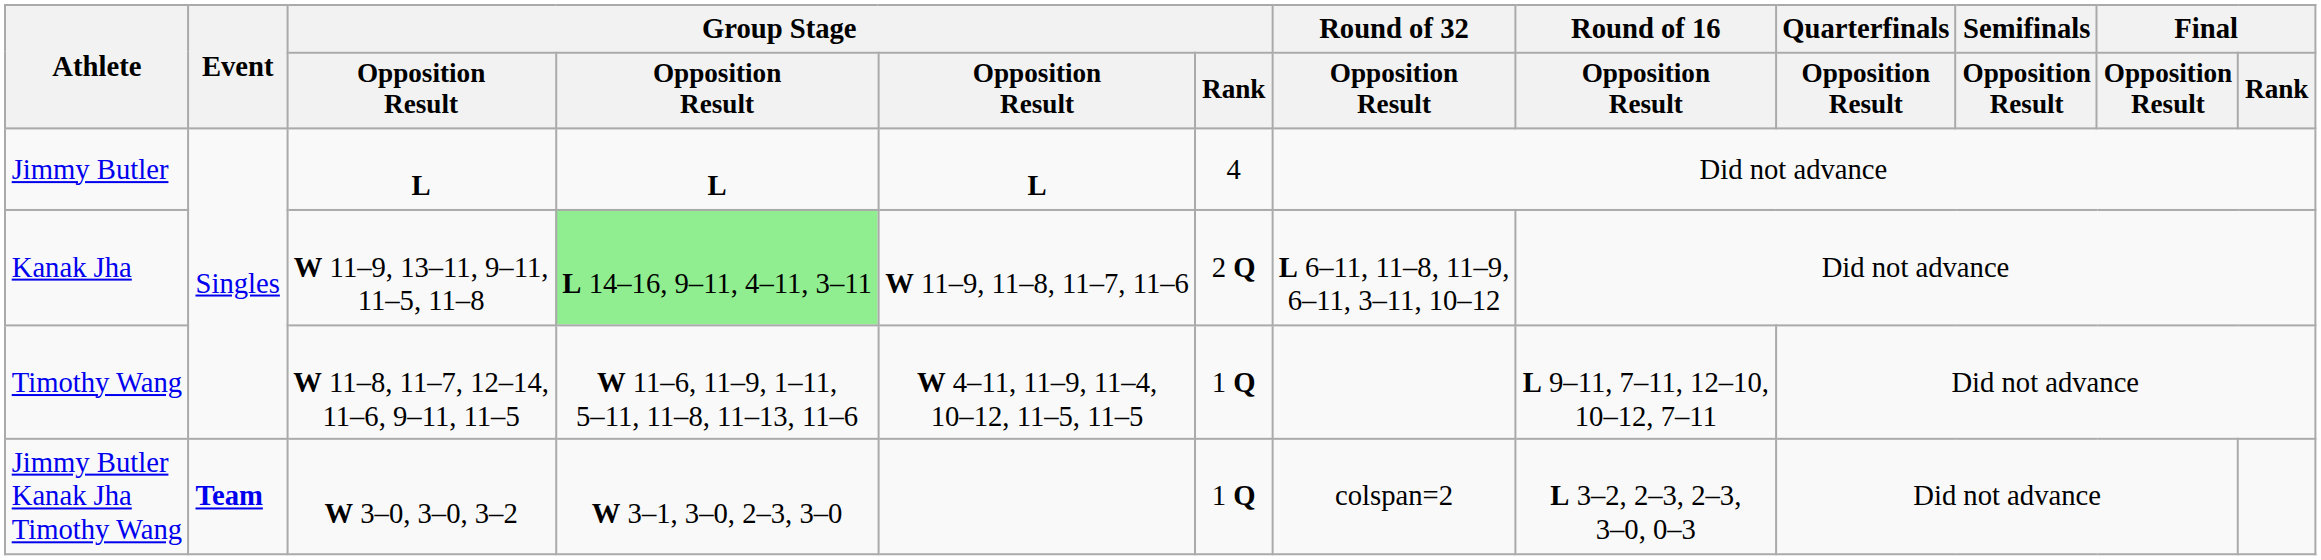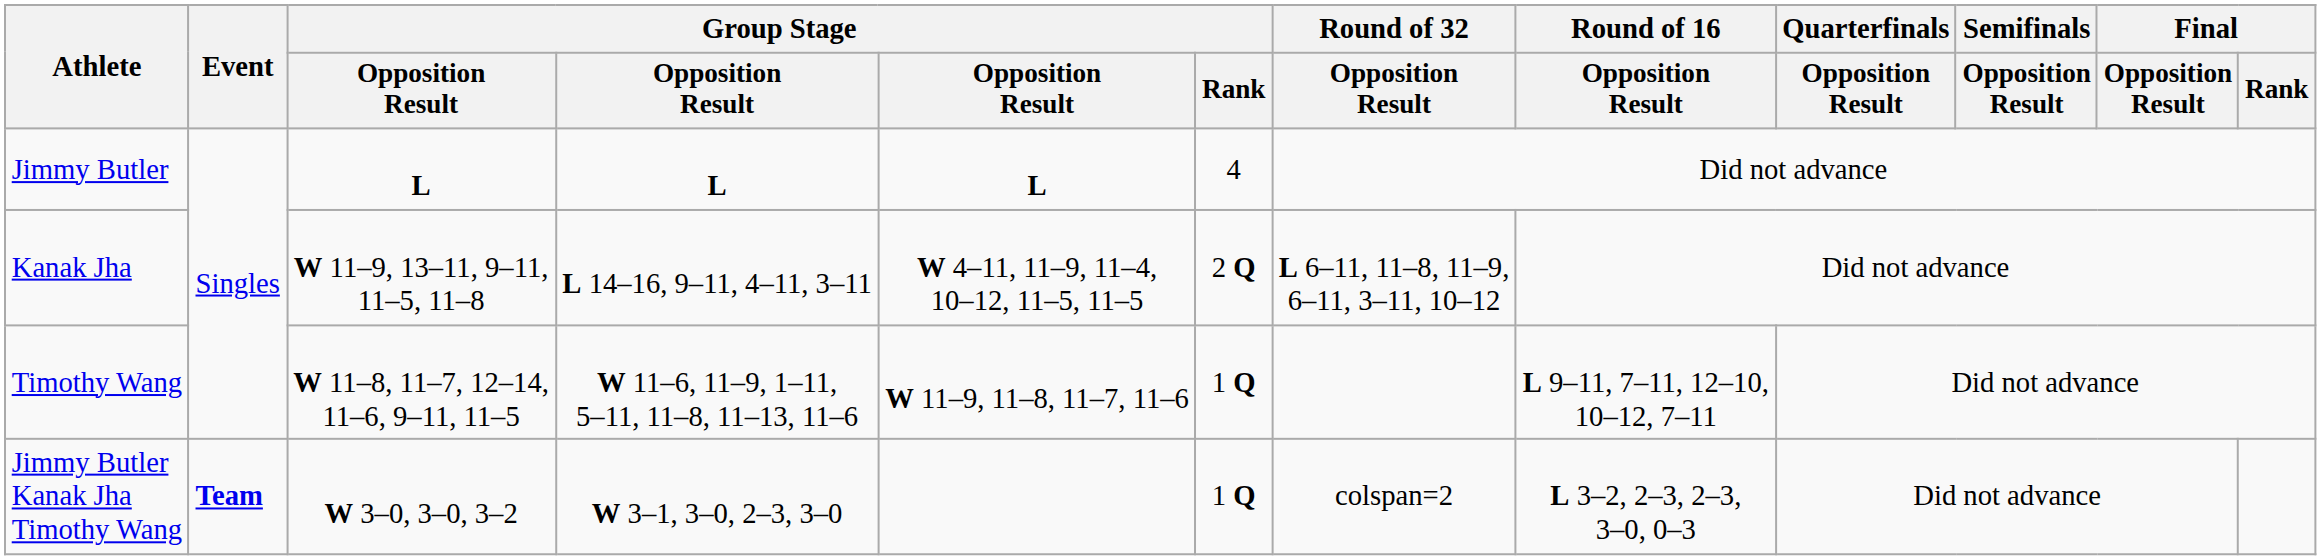 <table class="wikitable" style="font-size:90%">
 <tr>
 <th rowspan=2>Athlete</th>
 <th rowspan=2>Event</th>
 <th colspan=4>Group Stage</th>
 <th>Round of 32</th>
 <th>Round of 16</th>
 <th>Quarterfinals</th>
 <th>Semifinals</th>
 <th colspan=2>Final</th>
 </tr>
 <tr style="font-size:95%">
 <th>Opposition<br>Result</th>
 <th>Opposition<br>Result</th>
 <th>Opposition<br>Result</th>
 <th>Rank</th>
 <th>Opposition<br>Result</th>
 <th>Opposition<br>Result</th>
 <th>Opposition<br>Result</th>
 <th>Opposition<br>Result</th>
 <th>Opposition<br>Result</th>
 <th>Rank</th>
 </tr>
 <tr align=center>
 <td align=left><a href='#'>Jimmy Butler</a></td>
 <td align=left rowspan=3><a href='#'>Singles</a></td>
 <td><br><strong>L</strong> </td>
 <td><br><strong>L</strong> </td>
 <td><br><strong>L</strong> </td>
 <td>4</td>
 <td colspan=6>Did not advance</td>
 </tr>
 <tr align=center>
 <td align=left><a href='#'>Kanak Jha</a></td>
 <td><br><strong>W</strong> 11–9, 13–11, 9–11,<br>11–5, 11–8</td>
-<td style="background: lightgreen;"><br><strong>L</strong> 14–16, 9–11, 4–11, 3–11</td>
-<td><br><strong>W</strong> 11–9, 11–8, 11–7, 11–6</td>
+<td><br><strong>L</strong> 14–16, 9–11, 4–11, 3–11</td>
+<td><br><strong>W</strong> 4–11, 11–9, 11–4,<br>10–12, 11–5, 11–5</td>
 <td>2 <strong>Q</strong></td>
 <td><br><strong>L</strong> 6–11, 11–8, 11–9,<br>6–11, 3–11, 10–12</td>
 <td colspan=5>Did not advance</td>
 </tr>
 <tr align=center>
 <td align=left><a href='#'>Timothy Wang</a></td>
 <td><br><strong>W</strong> 11–8, 11–7, 12–14,<br>11–6, 9–11, 11–5</td>
 <td><br><strong>W</strong> 11–6, 11–9, 1–11,<br>5–11, 11–8, 11–13, 11–6</td>
-<td><br><strong>W</strong> 4–11, 11–9, 11–4,<br>10–12, 11–5, 11–5</td>
+<td><br><strong>W</strong> 11–9, 11–8, 11–7, 11–6</td>
 <td>1 <strong>Q</strong></td>
 <td></td>
 <td><br><strong>L</strong> 9–11, 7–11, 12–10,<br>10–12, 7–11</td>
 <td colspan=4>Did not advance</td>
 </tr>
 <tr align=center>
 <td align=left><a href='#'>Jimmy Butler</a><br><a href='#'>Kanak Jha</a><br><a href='#'>Timothy Wang</a></td>
 <td align=left><strong><a href='#'>Team</a></strong></td>
 <td><br><strong>W</strong> 3–0, 3–0, 3–2</td>
 <td><br><strong>W</strong> 3–1, 3–0, 2–3, 3–0</td>
 <td></td>
 <td>1 <strong>Q</strong></td>
 <td>colspan=2 </td>
 <td><br><strong>L</strong> 3–2, 2–3, 2–3,<br>3–0, 0–3</td>
 <td colspan=3>Did not advance</td>
 </tr>
 </table>
